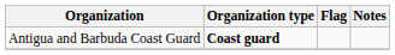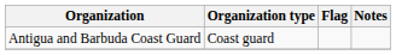 <table class="wikitable">
 <tr>
 <th>Organization</th>
 <th>Organization type</th>
 <th>Flag</th>
 <th>Notes</th>
 </tr>
 <tr>
 <td>Antigua and Barbuda Coast Guard</td>
-<td><strong>Coast guard</strong></td>
+<td>Coast guard</td>
 <td></td>
 <td></td>
 </tr>
 <tr>
 </tr>
 </table>
